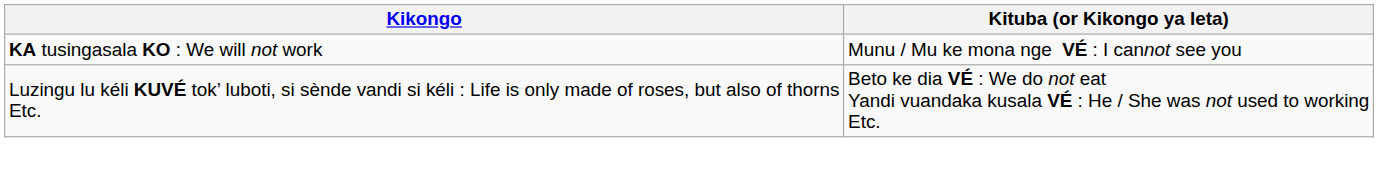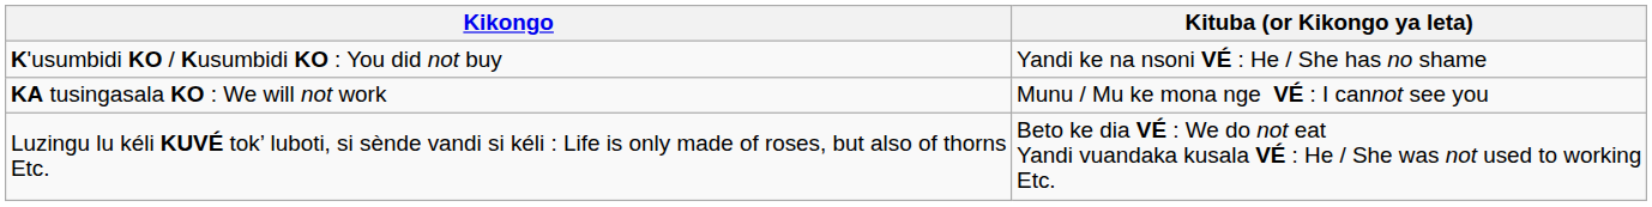 <table class="wikitable sortable mw-collapsible">
 <tr>
 <th><a href='#'>Kikongo</a></th>
 <th>Kituba (or Kikongo ya leta)</th>
+</tr>
+<tr>
+<td><strong>K</strong>'usumbidi <strong>KO</strong> / <strong>K</strong>usumbidi <strong>KO</strong> : You did <em>not</em> buy</td>
+<td>Yandi ke na nsoni <strong>VÉ</strong> : He / She has <em>no</em> shame</td>
 </tr>
 <tr>
 <td><strong>KA</strong> tusingasala <strong>KO</strong> : We will <em>not</em> work</td>
 <td>Munu / Mu ke mona nge  <strong>VÉ</strong> : I can<em>not</em> see you </td>
 </tr>
 <tr>
 <td>Luzingu lu kéli <strong>KUVÉ</strong> tok’ luboti, si sènde vandi si kéli : Life is only made of roses, but also of thorns<br>Etc.</td>
 <td>Beto ke dia <strong>VÉ</strong> : We do <em>not</em> eat<br>Yandi vuandaka kusala <strong>VÉ</strong> : He / She was <em>not</em> used to working <br> Etc.<br></td>
 </tr>
 </table>
